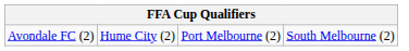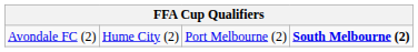 <table class="wikitable" style="text-align:center">
 <tr>
 <th colspan=4>FFA Cup Qualifiers</th>
 </tr>
 <tr>
 <td><a href='#'>Avondale FC</a> (2)</td>
 <td><a href='#'>Hume City</a> (2)</td>
 <td><a href='#'>Port Melbourne</a> (2)</td>
-<td><a href='#'>South Melbourne</a> (2)</td>
+<td><strong><a href='#'>South Melbourne</a> (2)</strong></td>
 </tr>
 </table>
